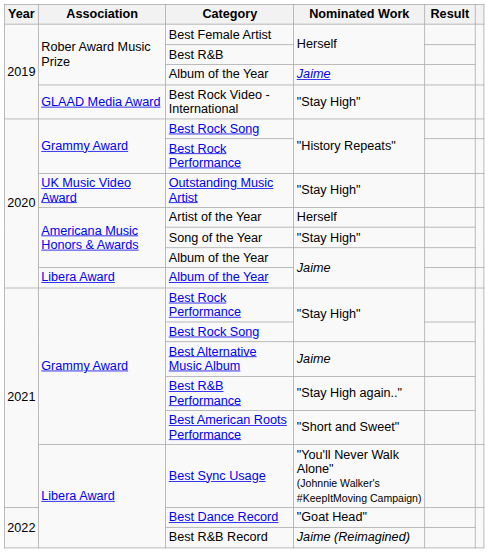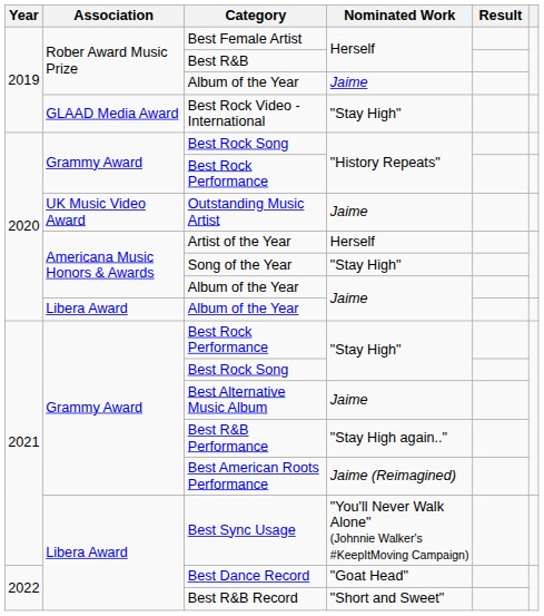 <table class="wikitable">
 <tr>
 <th scope="col" style="width:1em;">Year</th>
 <th scope="col" style="width:22em;">Association</th>
 <th scope="col" style="width:22em;">Category</th>
 <th scope="col" style="width:22em;">Nominated Work</th>
 <th scope="col" style="width:5em;">Result</th>
 <th scope="col" style="width:1em;"></th>
 </tr>
 <tr>
 <td rowspan=4>2019</td>
 <td rowspan="3">Rober Award Music Prize</td>
 <td>Best Female Artist</td>
 <td rowspan=2>Herself</td>
 <td></td>
 <td rowspan=3></td>
 </tr>
 <tr>
 <td>Best R&B</td>
 <td></td>
 </tr>
 <tr>
 <td>Album of the Year</td>
 <td><em><a href='#'>Jaime</a></em></td>
 <td></td>
 </tr>
 <tr>
 <td><a href='#'>GLAAD Media Award</a></td>
 <td>Best Rock Video - International</td>
 <td>"Stay High"</td>
 <td></td>
 <td></td>
 </tr>
 <tr>
 <td rowspan="7">2020</td>
 <td rowspan="2"><a href='#'>Grammy Award</a></td>
 <td><a href='#'>Best Rock Song</a></td>
 <td rowspan="2">"History Repeats"</td>
 <td></td>
 <td></td>
 </tr>
 <tr>
 <td><a href='#'>Best Rock Performance</a></td>
 <td></td>
 <td></td>
 </tr>
 <tr>
 <td><a href='#'>UK Music Video Award</a></td>
 <td><a href='#'>Outstanding Music Artist</a></td>
-<td>"Stay High"</td>
+<td><em>Jaime</em></td>
 <td></td>
 <td></td>
 </tr>
 <tr>
 <td rowspan="3"><a href='#'>Americana Music Honors & Awards</a></td>
 <td>Artist of the Year</td>
 <td>Herself</td>
 <td></td>
 <td rowspan="3"></td>
 </tr>
 <tr>
 <td>Song of the Year</td>
 <td>"Stay High"</td>
 <td></td>
 </tr>
 <tr>
 <td>Album of the Year</td>
 <td rowspan="2"><em>Jaime</em></td>
 <td></td>
 </tr>
 <tr>
 <td><a href='#'>Libera Award</a></td>
 <td><a href='#'>Album of the Year</a></td>
 <td></td>
 <td></td>
 </tr>
 <tr>
 <td rowspan="6">2021</td>
 <td rowspan="5"><a href='#'>Grammy Award</a></td>
 <td><a href='#'>Best Rock Performance</a></td>
 <td rowspan="2">"Stay High"</td>
 <td></td>
 <td rowspan="5"></td>
 </tr>
 <tr>
 <td><a href='#'>Best Rock Song</a></td>
 <td></td>
 </tr>
 <tr>
 <td><a href='#'>Best Alternative Music Album</a></td>
 <td><em>Jaime</em></td>
 <td></td>
 </tr>
 <tr>
 <td><a href='#'>Best R&B Performance</a></td>
 <td>"Stay High again.."</td>
 <td></td>
 </tr>
 <tr>
 <td><a href='#'>Best American Roots Performance</a></td>
-<td>"Short and Sweet"</td>
+<td><em>Jaime (Reimagined)</em></td>
 <td></td>
 </tr>
 <tr>
 <td rowspan="3"><a href='#'>Libera Award</a></td>
 <td><a href='#'>Best Sync Usage</a></td>
 <td>"You'll Never Walk Alone"<br><small>(Johnnie Walker's #KeepItMoving Campaign)</small></td>
 <td></td>
 <td></td>
 </tr>
 <tr>
 <td rowspan="2">2022</td>
 <td><a href='#'>Best Dance Record</a></td>
 <td>"Goat Head"</td>
 <td></td>
 <td rowspan="2"></td>
 </tr>
 <tr>
 <td>Best R&B Record</td>
-<td><em>Jaime (Reimagined)</em></td>
+<td>"Short and Sweet"</td>
 <td></td>
 </tr>
 </table>
